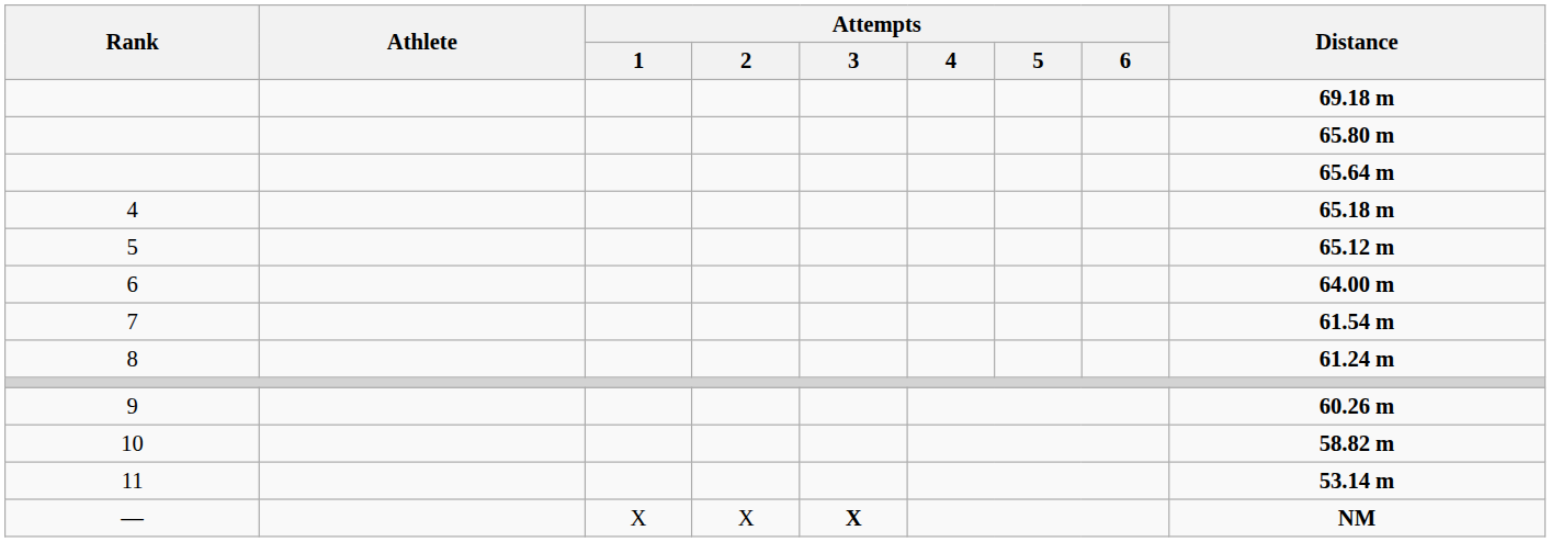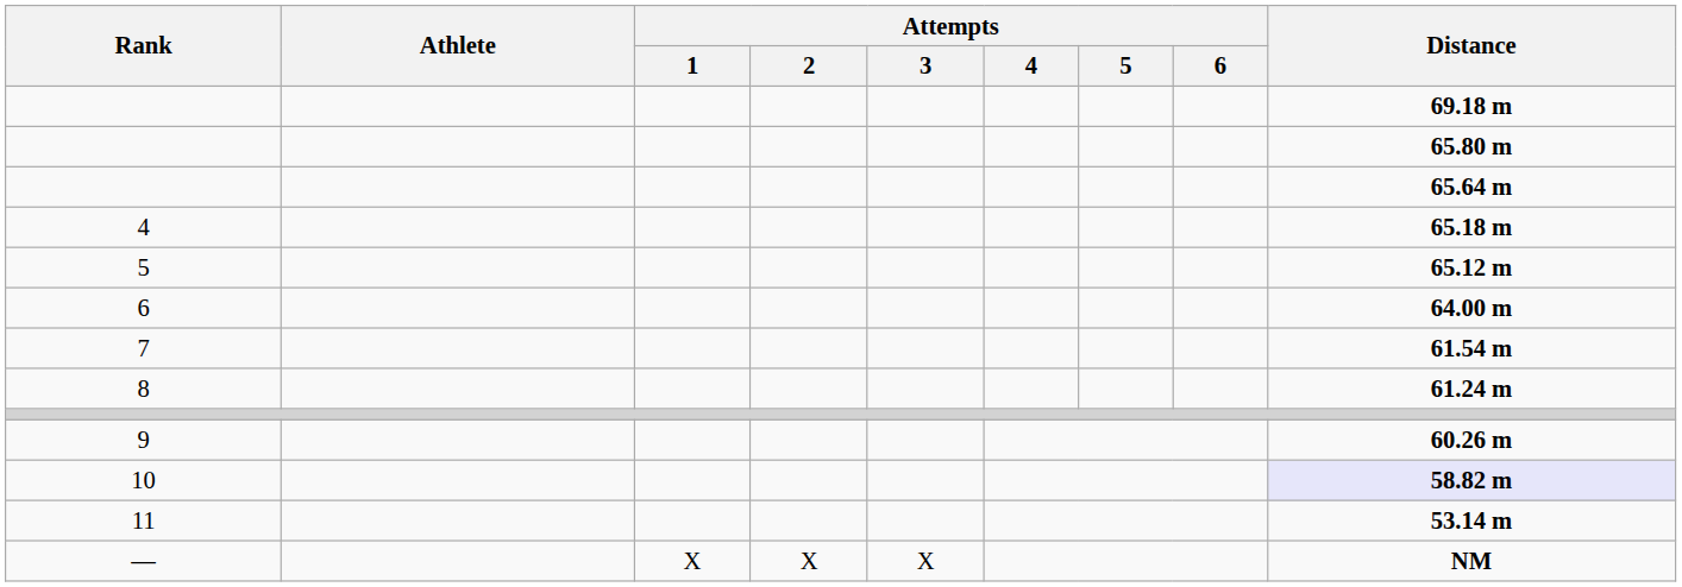 <table class="wikitable" style=" text-align:center; font-size:110%;" width="95%">
 <tr>
 <th rowspan="2">Rank</th>
 <th rowspan="2">Athlete</th>
 <th colspan="6">Attempts</th>
 <th rowspan="2">Distance</th>
 </tr>
 <tr>
 <th>1</th>
 <th>2</th>
 <th>3</th>
 <th>4</th>
 <th>5</th>
 <th>6</th>
 </tr>
 <tr>
 <td></td>
 <td align=left></td>
 <td></td>
 <td></td>
 <td></td>
 <td></td>
 <td></td>
 <td></td>
 <td><strong>69.18 m</strong></td>
 </tr>
 <tr>
 <td></td>
 <td align=left></td>
 <td></td>
 <td></td>
 <td></td>
 <td></td>
 <td></td>
 <td></td>
 <td><strong>65.80 m</strong></td>
 </tr>
 <tr>
 <td></td>
 <td align=left></td>
 <td></td>
 <td></td>
 <td></td>
 <td></td>
 <td></td>
 <td></td>
 <td><strong>65.64 m</strong></td>
 </tr>
 <tr>
 <td>4</td>
 <td align=left></td>
 <td></td>
 <td></td>
 <td></td>
 <td></td>
 <td></td>
 <td></td>
 <td><strong>65.18 m</strong></td>
 </tr>
 <tr>
 <td>5</td>
 <td align=left></td>
 <td></td>
 <td></td>
 <td></td>
 <td></td>
 <td></td>
 <td></td>
 <td><strong>65.12 m</strong></td>
 </tr>
 <tr>
 <td>6</td>
 <td align=left></td>
 <td></td>
 <td></td>
 <td></td>
 <td></td>
 <td></td>
 <td></td>
 <td><strong>64.00 m</strong></td>
 </tr>
 <tr>
 <td>7</td>
 <td align=left></td>
 <td></td>
 <td></td>
 <td></td>
 <td></td>
 <td></td>
 <td></td>
 <td><strong>61.54 m</strong></td>
 </tr>
 <tr>
 <td>8</td>
 <td align=left></td>
 <td></td>
 <td></td>
 <td></td>
 <td></td>
 <td></td>
 <td></td>
 <td><strong>61.24 m</strong></td>
 </tr>
 <tr>
 <td colspan=9 bgcolor=lightgray></td>
 </tr>
 <tr>
 <td>9</td>
 <td align=left></td>
 <td></td>
 <td></td>
 <td></td>
 <td colspan=3></td>
 <td><strong>60.26 m</strong></td>
 </tr>
 <tr>
 <td>10</td>
 <td align=left></td>
 <td></td>
 <td></td>
 <td></td>
 <td colspan=3></td>
-<td><strong>58.82 m</strong></td>
+<td style="background: lavender;"><strong>58.82 m</strong></td>
 </tr>
 <tr>
 <td>11</td>
 <td align=left></td>
 <td></td>
 <td></td>
 <td></td>
 <td colspan=3></td>
 <td><strong>53.14 m</strong></td>
 </tr>
 <tr>
 <td>—</td>
 <td align=left></td>
 <td>X</td>
 <td>X</td>
-<td><strong>X</strong></td>
+<td>X</td>
 <td colspan=3></td>
 <td><strong>NM</strong></td>
 </tr>
 </table>
